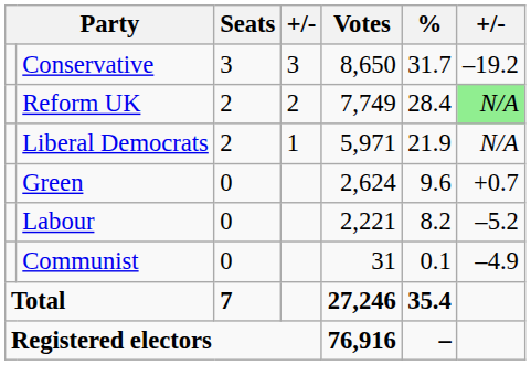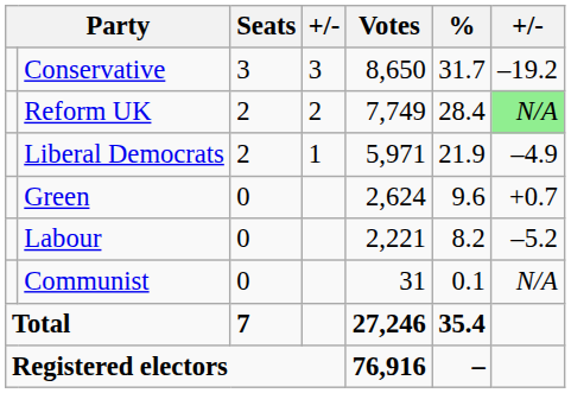 <table class="wikitable sortable">
 <tr>
 <th colspan="2">Party</th>
 <th>Seats</th>
 <th>+/-</th>
 <th>Votes</th>
 <th>%</th>
 <th>+/-</th>
 </tr>
 <tr>
 <td style="background-color: "></td>
 <td><a href='#'>Conservative</a></td>
 <td>3</td>
 <td> 3</td>
 <td style="text-align:right;">8,650</td>
 <td style="text-align:right;">31.7</td>
 <td style="text-align:right;">–19.2</td>
 </tr>
 <tr>
 <td style="background-color: "></td>
 <td><a href='#'>Reform UK</a></td>
 <td>2</td>
 <td> 2</td>
 <td style="text-align:right;">7,749</td>
 <td style="text-align:right;">28.4</td>
 <td style="background: lightgreen; text-align:right;"><em>N/A</em></td>
 </tr>
 <tr>
 <td style="background-color: "></td>
 <td><a href='#'>Liberal Democrats</a></td>
 <td>2</td>
 <td> 1</td>
 <td style="text-align:right;">5,971</td>
 <td style="text-align:right;">21.9</td>
-<td style="text-align:right;"><em>N/A</em></td>
+<td style="text-align:right;">–4.9</td>
 </tr>
 <tr>
 <td style="background-color: "></td>
 <td><a href='#'>Green</a></td>
 <td>0</td>
 <td></td>
 <td style="text-align:right;">2,624</td>
 <td style="text-align:right;">9.6</td>
 <td style="text-align:right;">+0.7</td>
 </tr>
 <tr>
 <td style="background-color: "></td>
 <td><a href='#'>Labour</a></td>
 <td>0</td>
 <td></td>
 <td style="text-align:right;">2,221</td>
 <td style="text-align:right;">8.2</td>
 <td style="text-align:right;">–5.2</td>
 </tr>
 <tr>
 <td style="background-color: "></td>
 <td><a href='#'>Communist</a></td>
 <td>0</td>
 <td></td>
 <td style="text-align:right;">31</td>
 <td style="text-align:right;">0.1</td>
-<td style="text-align:right;">–4.9</td>
+<td style="text-align:right;"><em>N/A</em></td>
 </tr>
 <tr>
 <td colspan="2"><strong>Total</strong></td>
 <td><strong>7</strong></td>
 <td></td>
 <td style="text-align:right;"><strong>27,246</strong></td>
 <td style="text-align:right;"><strong>35.4</strong></td>
 <td style="text-align:right;"></td>
 </tr>
 <tr>
 <td colspan="4"><strong>Registered electors</strong></td>
 <td style="text-align:right;"><strong>76,916</strong></td>
 <td style="text-align:right;"><strong>–</strong></td>
 <td style="text-align:right;"></td>
 </tr>
 </table>
